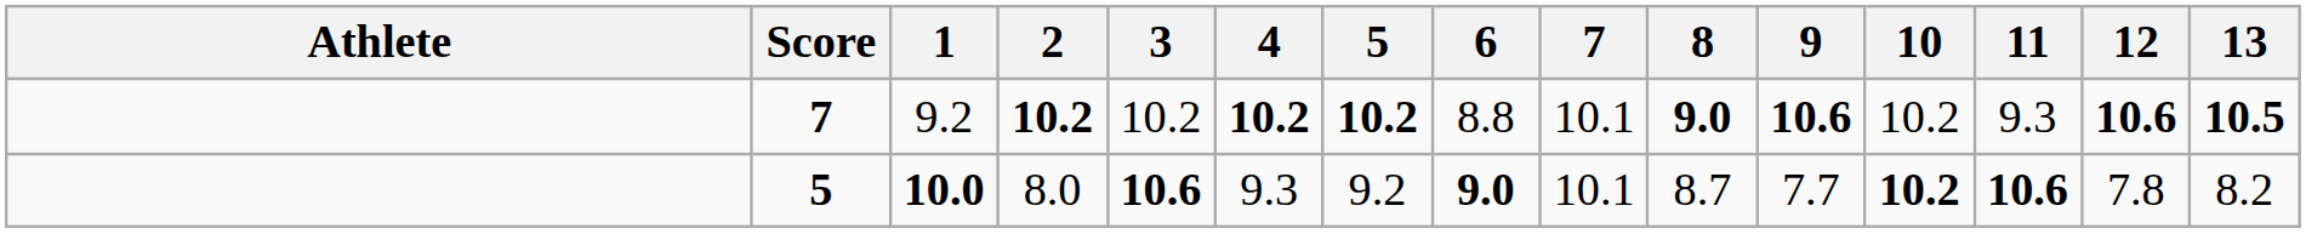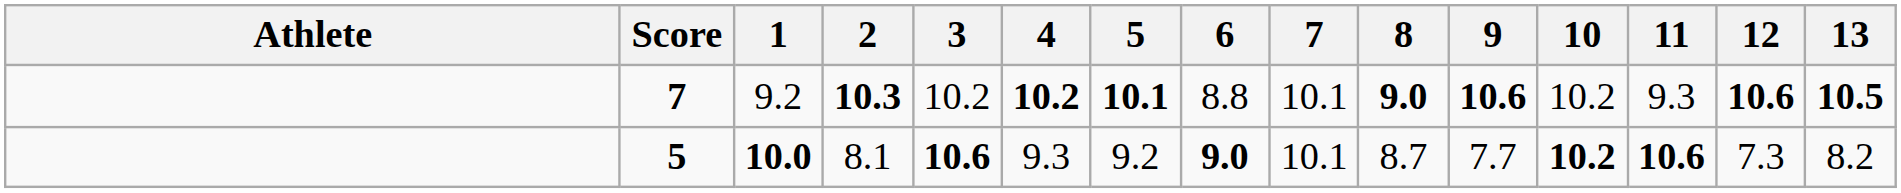 <table class="wikitable" style="text-align:center">
 <tr>
 <th width=250>Athlete</th>
 <th width=40>Score</th>
 <th width=30>1</th>
 <th width=30>2</th>
 <th width=30>3</th>
 <th width=30>4</th>
 <th width=30>5</th>
 <th width=30>6</th>
 <th width=30>7</th>
 <th width=30>8</th>
 <th width=30>9</th>
 <th width=30>10</th>
 <th width=30>11</th>
 <th width=30>12</th>
 <th width=30>13</th>
 </tr>
 <tr>
 <td align=left></td>
 <td><strong>7</strong></td>
 <td>9.2</td>
-<td><strong>10.2</strong></td>
+<td><strong>10.3</strong></td>
 <td>10.2</td>
 <td><strong>10.2</strong></td>
-<td><strong>10.2</strong></td>
+<td><strong>10.1</strong></td>
 <td>8.8</td>
 <td>10.1</td>
 <td><strong>9.0</strong></td>
 <td><strong>10.6</strong></td>
 <td>10.2</td>
 <td>9.3</td>
 <td><strong>10.6</strong></td>
 <td><strong>10.5</strong></td>
 </tr>
 <tr>
 <td align=left></td>
 <td><strong>5</strong></td>
 <td><strong>10.0</strong></td>
-<td>8.0</td>
+<td>8.1</td>
 <td><strong>10.6</strong></td>
 <td>9.3</td>
 <td>9.2</td>
 <td><strong>9.0</strong></td>
 <td>10.1</td>
 <td>8.7</td>
 <td>7.7</td>
 <td><strong>10.2</strong></td>
 <td><strong>10.6</strong></td>
-<td>7.8</td>
+<td>7.3</td>
 <td>8.2</td>
 </tr>
 </table>
